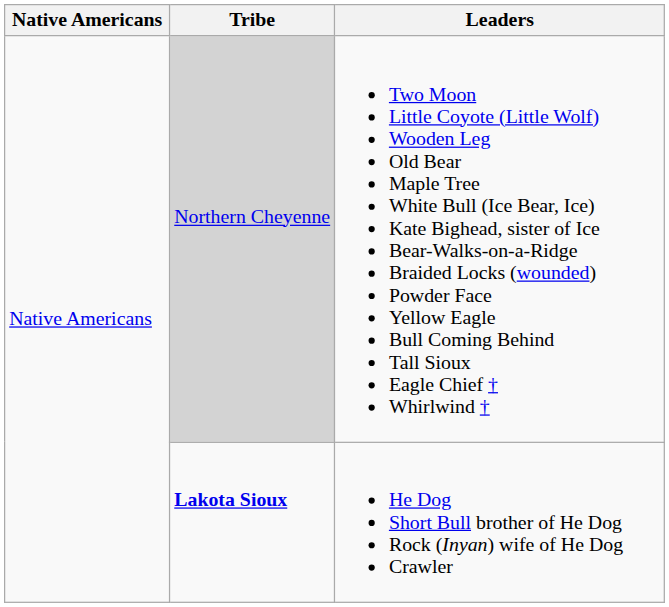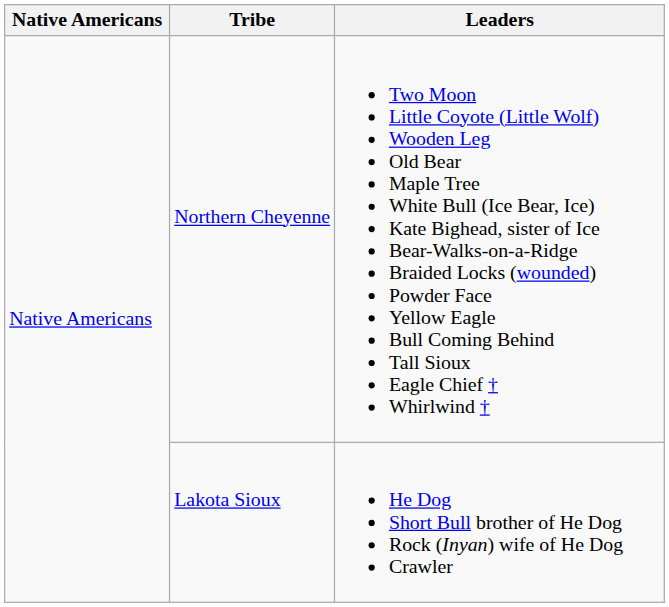 <table class="wikitable">
 <tr>
 <th style="width:25%;">Native Americans</th>
 <th style="width:25%;">Tribe</th>
 <th>Leaders</th>
 </tr>
 <tr>
 <td rowspan=2><br><a href='#'>Native Americans</a><br>    </td>
-<td style="background: lightgrey;"><a href='#'>Northern Cheyenne</a><br><br>  </td>
+<td><a href='#'>Northern Cheyenne</a><br><br>  </td>
 <td><br><ul><li><a href='#'>Two Moon</a></li><li><a href='#'>Little Coyote (Little Wolf)</a></li><li><a href='#'>Wooden Leg</a></li><li>Old Bear</li><li>Maple Tree</li><li>White Bull (Ice Bear, Ice)</li><li>Kate Bighead, sister of Ice</li><li>Bear-Walks-on-a-Ridge</li><li>Braided Locks (<a href='#'>wounded</a>)</li><li>Powder Face</li><li>Yellow Eagle</li><li>Bull Coming Behind</li><li>Tall Sioux</li><li>Eagle Chief <a href='#'>†</a></li><li>Whirlwind <a href='#'>†</a></li></ul></td>
 </tr>
 <tr>
-<td><strong><a href='#'>Lakota Sioux</a><br><br>  </strong></td>
+<td><a href='#'>Lakota Sioux</a><br><br>  </td>
 <td><br><ul><li><a href='#'>He Dog</a></li><li><a href='#'>Short Bull</a> brother of He Dog</li><li>Rock (<em>Inyan</em>) wife of He Dog</li><li>Crawler</li></ul></td>
 </tr>
 </table>
